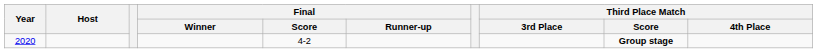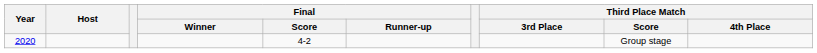 <table class="wikitable" style="font-size: 90%; text-align: center; width: 100%;">
 <tr>
 <th rowspan="2" width="5%">Year</th>
 <th rowspan="2" width="10%">Host</th>
 <th rowspan="3" width="1%"></th>
 <th colspan="3">Final</th>
 <th rowspan="3" width="1%"></th>
 <th colspan="3">Third Place Match</th>
 </tr>
 <tr>
 <th width="15%">Winner</th>
 <th width="10%">Score</th>
 <th width="15%">Runner-up</th>
 <th width="15%">3rd Place</th>
 <th width="10%">Score</th>
 <th width="15%">4th Place</th>
 </tr>
 <tr>
 <td><a href='#'>2020</a></td>
 <td align=left></td>
 <td><strong></strong></td>
 <td>4-2</td>
 <td></td>
 <td></td>
-<td><strong>Group stage</strong></td>
+<td>Group stage</td>
 <td></td>
 </tr>
 </table>
